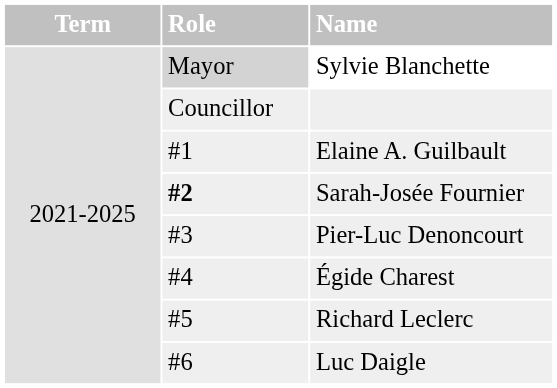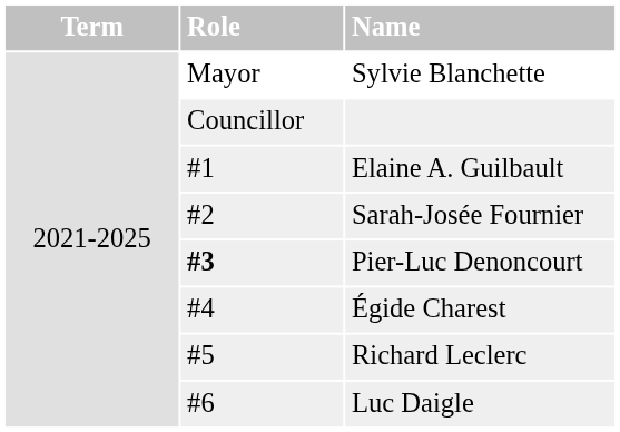 <table cellpadding="3" cellspacing="1">
 <tr style="font-size: 80%; text-align: left; background-color:silver">
 <th style="color: White; text-align: center" width="75px">Term</th>
 <th style="color: White" width="70px">Role</th>
 <th style="color: White" width="120px">Name</th>
 </tr>
 <tr style="font-size: 80%; text-align: left;">
 <td rowspan="8" style="text-align: center; background-color:#E0E0E0; color:black;">2021-2025</td>
-<td style="background: lightgrey;">Mayor</td>
+<td>Mayor</td>
 <td>Sylvie Blanchette</td>
 </tr>
 <tr style="font-size: 80%; text-align: left; background-color:#EFEFEF">
 <td>Councillor</td>
 <td></td>
 </tr>
 <tr style="font-size: 80%; text-align: left; background-color:#EFEFEF">
 <td>#1</td>
 <td>Elaine A. Guilbault</td>
 </tr>
 <tr style="font-size: 80%; text-align: left; background-color:#EFEFEF">
-<td><strong>#2</strong></td>
+<td>#2</td>
 <td>Sarah-Josée Fournier</td>
 </tr>
 <tr style="font-size: 80%; text-align: left; background-color:#EFEFEF">
-<td>#3</td>
+<td><strong>#3</strong></td>
 <td>Pier-Luc Denoncourt</td>
 </tr>
 <tr style="font-size: 80%; text-align: left; background-color:#EFEFEF">
 <td>#4</td>
 <td>Égide Charest</td>
 </tr>
 <tr style="font-size: 80%; text-align: left; background-color:#EFEFEF">
 <td>#5</td>
 <td>Richard Leclerc</td>
 </tr>
 <tr style="font-size: 80%; text-align: left; background-color:#EFEFEF">
 <td>#6</td>
 <td>Luc Daigle</td>
 </tr>
 </table>
